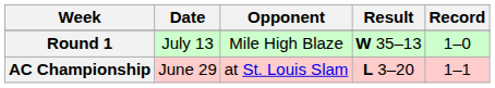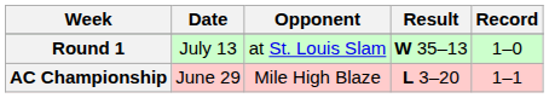 <table class="wikitable" style="text-align:center">
 <tr>
 <th>Week</th>
 <th>Date</th>
 <th>Opponent</th>
 <th>Result</th>
 <th>Record</th>
 </tr>
 <tr>
 </tr>
 <tr style="background:#cfc">
 <th>Round 1</th>
 <td>July 13</td>
-<td>Mile High Blaze</td>
+<td>at <a href='#'>St. Louis Slam</a></td>
 <td><strong>W</strong> 35–13</td>
 <td>1–0</td>
 </tr>
 <tr style="background:#fcc">
 <th><abbr>AC Championship</abbr></th>
 <td>June 29</td>
-<td>at <a href='#'>St. Louis Slam</a></td>
+<td>Mile High Blaze</td>
 <td><strong>L</strong> 3–20</td>
 <td>1–1</td>
 </tr>
 </table>
